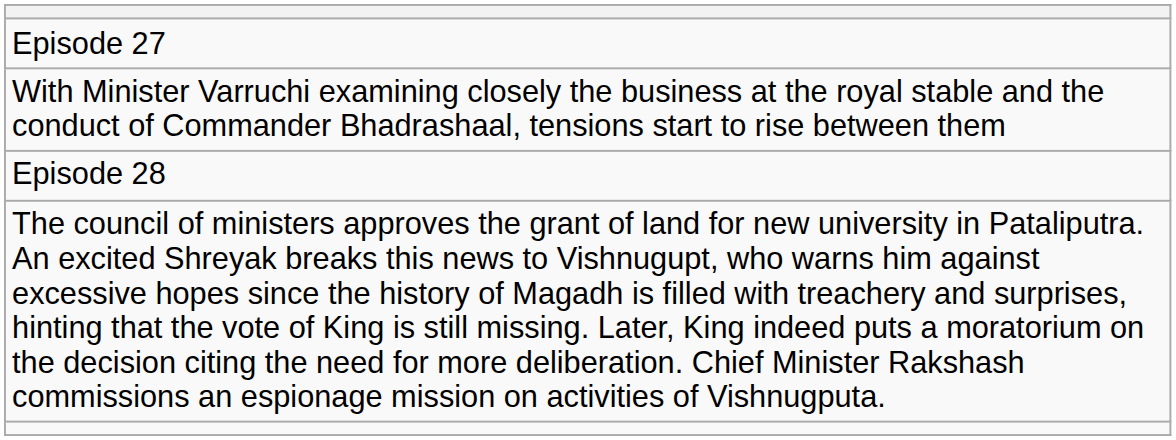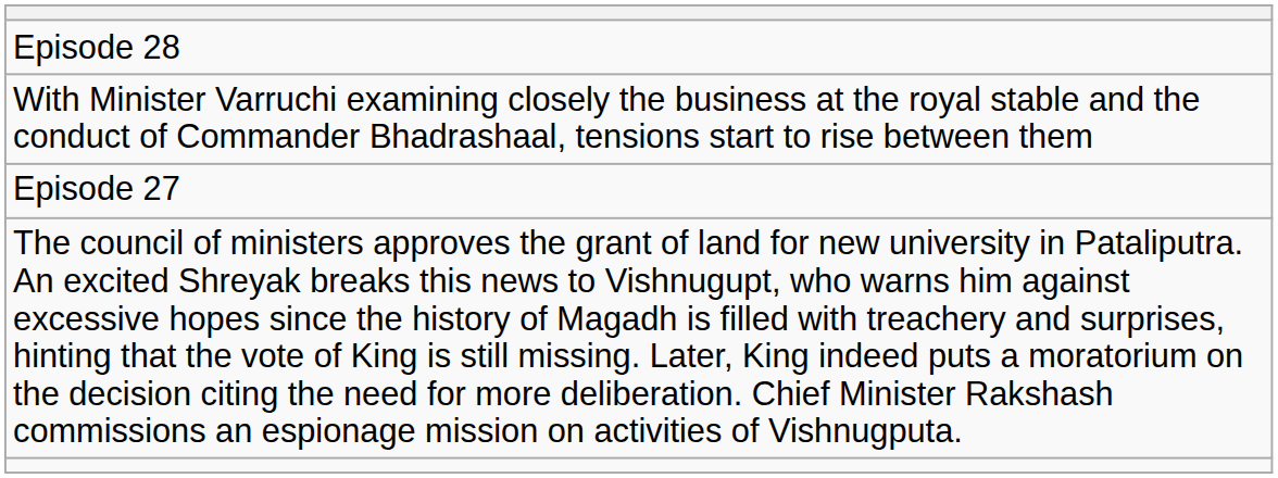 <table class="wikitable">
 <tr>
 <th></th>
 </tr>
 <tr>
-<td>Episode 27</td>
+<td>Episode 28</td>
 </tr>
 <tr>
 <td>With Minister Varruchi examining closely the business at the royal stable and the conduct of Commander Bhadrashaal, tensions start to rise between them</td>
 </tr>
 <tr>
-<td>Episode 28</td>
+<td>Episode 27</td>
 </tr>
 <tr>
 <td>The council of ministers approves the grant of land for new university in Pataliputra. An excited Shreyak breaks this news to Vishnugupt, who warns him against excessive hopes since the history of Magadh is filled with treachery and surprises, hinting that the vote of King is still missing. Later, King indeed puts a moratorium on the decision citing the need for more deliberation. Chief Minister Rakshash commissions an espionage mission on activities of Vishnugputa.</td>
 </tr>
 <tr>
 <td></td>
 </tr>
 </table>
